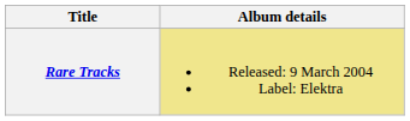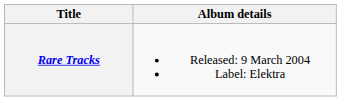 <table class="wikitable plainrowheaders" style="text-align:center;">
 <tr>
 <th scope="col" style="width:10em;">Title</th>
 <th scope="col" style="width:16em;">Album details</th>
 </tr>
 <tr>
 <th scope="row"><em><a href='#'>Rare Tracks</a></em></th>
-<td style="background: khaki;"><br><ul><li>Released: 9 March 2004</li><li>Label: Elektra</li></ul></td>
+<td><br><ul><li>Released: 9 March 2004</li><li>Label: Elektra</li></ul></td>
 </tr>
 </table>
